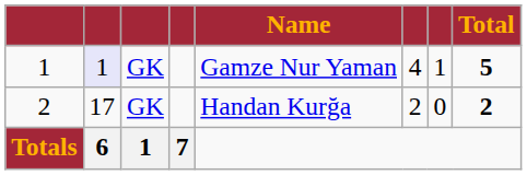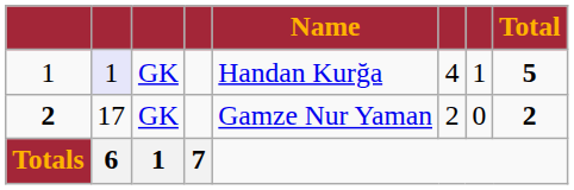 <table class="wikitable" style="text-align:center">
 <tr>
 <th style="background:#A32638; color:#FFB300; "></th>
 <th style="background:#A32638; color:#FFB300; "></th>
 <th style="background:#A32638; color:#FFB300; "></th>
 <th style="background:#A32638; color:#FFB300; "></th>
 <th style="background:#A32638; color:#FFB300; ">Name</th>
 <th style="background:#A32638; color:#FFB300; "></th>
 <th style="background:#A32638; color:#FFB300; "></th>
 <th style="background:#A32638; color:#FFB300; ">Total</th>
 </tr>
 <tr>
 <td rowspan="1">1</td>
 <td style="background: lavender;">1</td>
 <td><a href='#'>GK</a></td>
 <td></td>
-<td align=left><a href='#'>Gamze Nur Yaman</a></td>
+<td align=left><a href='#'>Handan Kurğa</a></td>
 <td>4</td>
 <td>1</td>
 <td><strong>5</strong></td>
 </tr>
 <tr>
-<td rowspan="1">2</td>
+<td rowspan="1"><strong>2</strong></td>
 <td>17</td>
 <td><a href='#'>GK</a></td>
 <td></td>
-<td align=left><a href='#'>Handan Kurğa</a></td>
+<td align=left><a href='#'>Gamze Nur Yaman</a></td>
 <td>2</td>
 <td>0</td>
 <td><strong>2</strong></td>
 </tr>
 <tr>
 <td style="background:#A32638; color:#FFB300; "><strong>Totals</strong></td>
 <th><strong>6</strong></th>
 <th><strong>1</strong></th>
 <th><strong>7</strong></th>
 </tr>
 </table>
